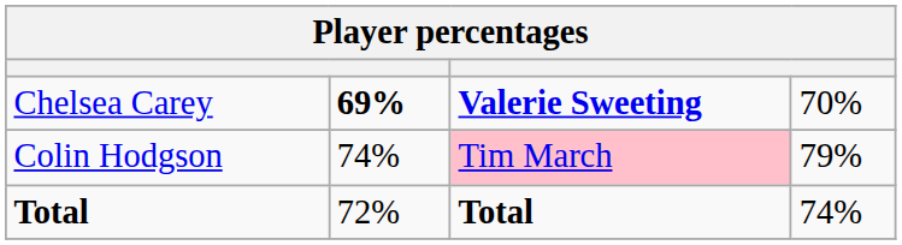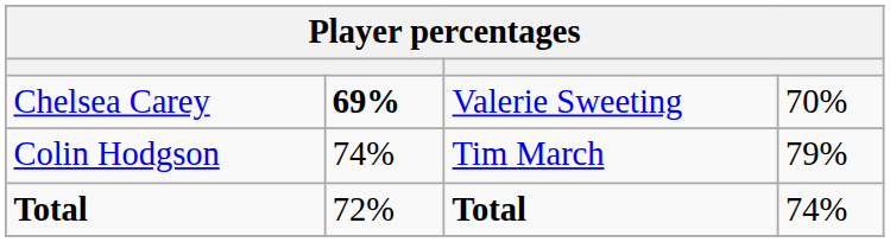 <table class="wikitable">
 <tr>
 <th colspan=4 width=400>Player percentages</th>
 </tr>
 <tr>
 <th colspan=2 width=200 style="white-space:nowrap;"> </th>
 <th colspan=2 width=200 style="white-space:nowrap;"> </th>
 </tr>
 <tr>
 <td><a href='#'>Chelsea Carey</a></td>
 <td><strong>69%</strong></td>
-<td><strong><a href='#'>Valerie Sweeting</a></strong></td>
+<td><a href='#'>Valerie Sweeting</a></td>
 <td>70%</td>
 </tr>
 <tr>
 <td><a href='#'>Colin Hodgson</a></td>
 <td>74%</td>
-<td style="background: pink;"><a href='#'>Tim March</a></td>
+<td><a href='#'>Tim March</a></td>
 <td>79%</td>
 </tr>
 <tr>
 <td><strong>Total</strong></td>
 <td>72%</td>
 <td><strong>Total</strong></td>
 <td>74%</td>
 </tr>
 </table>
